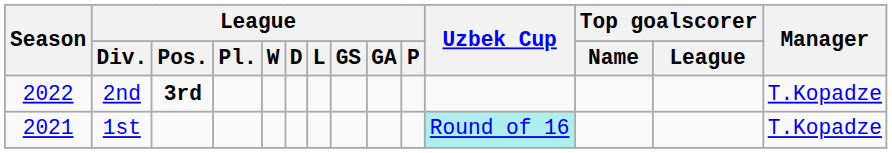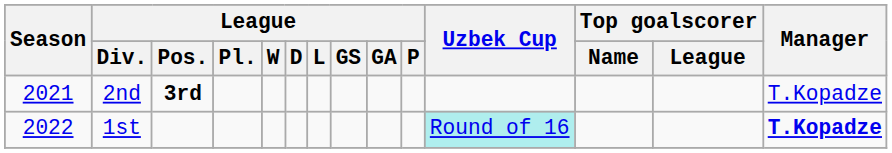 <table class="wikitable mw-collapsible mw-collapsed" align=center cellspacing="0" cellpadding="3" style="border:1px solid #AAAAAA;font-size:90%">
 <tr style="background:#efefef;">
 <th rowspan="2">Season</th>
 <th colspan="9">League</th>
 <th rowspan="2"><a href='#'>Uzbek Cup</a></th>
 <th colspan="2">Top goalscorer</th>
 <th rowspan="2">Manager</th>
 </tr>
 <tr>
 <th>Div.</th>
 <th>Pos.</th>
 <th>Pl.</th>
 <th>W</th>
 <th>D</th>
 <th>L</th>
 <th>GS</th>
 <th>GA</th>
 <th>P</th>
 <th>Name</th>
 <th>League</th>
 </tr>
 <tr>
-<td align=center><a href='#'>2022</a></td>
+<td align=center><a href='#'>2021</a></td>
 <td align=center><a href='#'>2nd</a></td>
 <td style="text-align:center; background:bronze;"><strong>3rd</strong></td>
 <td align=center></td>
 <td align=center></td>
 <td align=center></td>
 <td align=center></td>
 <td align=center></td>
 <td align=center></td>
 <td align=center></td>
 <td align=center></td>
 <td align=left></td>
 <td align=center></td>
 <td align=left> <a href='#'>T.Kopadze</a></td>
 </tr>
 <tr>
-<td align=center><a href='#'>2021</a></td>
+<td align=center><a href='#'>2022</a></td>
 <td align=center><a href='#'>1st</a></td>
 <td style="text-align:center"></td>
 <td align=center></td>
 <td align=center></td>
 <td align=center></td>
 <td align=center></td>
 <td align=center></td>
 <td align=center></td>
 <td align=center></td>
 <td align=center style="background: paleturquoise;"><a href='#'>Round of 16</a></td>
 <td align=left></td>
 <td align=center></td>
-<td align=left>  <a href='#'>T.Kopadze</a></td>
+<td align=left><strong>  <a href='#'>T.Kopadze</a></strong></td>
 </tr>
 </table>
